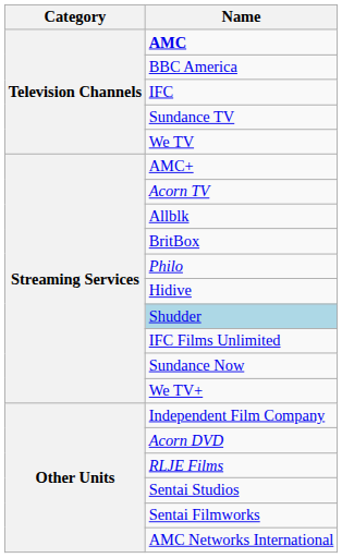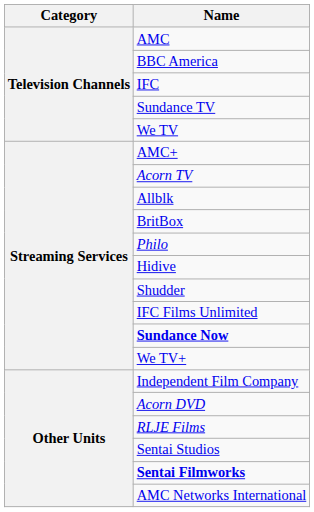 <table class="wikitable sortable">
 <tr>
 <th>Category</th>
 <th>Name</th>
 </tr>
 <tr>
 <th rowspan="5">Television Channels</th>
-<td><strong><a href='#'>AMC</a></strong></td>
+<td><a href='#'>AMC</a></td>
 </tr>
 <tr>
 <td><a href='#'>BBC America</a></td>
 </tr>
 <tr>
 <td><a href='#'>IFC</a></td>
 </tr>
 <tr>
 <td><a href='#'>Sundance TV</a></td>
 </tr>
 <tr>
 <td><a href='#'>We TV</a></td>
 </tr>
 <tr>
 <th rowspan="10">Streaming Services</th>
 <td><a href='#'>AMC+</a></td>
 </tr>
 <tr>
 <td><em><a href='#'>Acorn TV</a></em></td>
 </tr>
 <tr>
 <td><a href='#'>Allblk</a></td>
 </tr>
 <tr>
 <td><a href='#'>BritBox</a></td>
 </tr>
 <tr>
 <td><a href='#'><em>Philo</em></a></td>
 </tr>
 <tr>
 <td><a href='#'>Hidive</a></td>
 </tr>
 <tr>
-<td style="background: lightblue;"><a href='#'>Shudder</a></td>
+<td><a href='#'>Shudder</a></td>
 </tr>
 <tr>
 <td><a href='#'>IFC Films Unlimited</a></td>
 </tr>
 <tr>
-<td><a href='#'>Sundance Now</a></td>
+<td><strong><a href='#'>Sundance Now</a></strong></td>
 </tr>
 <tr>
 <td><a href='#'>We TV+</a></td>
 </tr>
 <tr>
 <th rowspan="6">Other Units</th>
 <td><a href='#'>Independent Film Company</a></td>
 </tr>
 <tr>
 <td><em><a href='#'>Acorn DVD</a></em></td>
 </tr>
 <tr>
 <td><em><a href='#'>RLJE Films</a></em></td>
 </tr>
 <tr>
 <td><a href='#'>Sentai Studios</a></td>
 </tr>
 <tr>
-<td><a href='#'>Sentai Filmworks</a></td>
+<td><strong><a href='#'>Sentai Filmworks</a></strong></td>
 </tr>
 <tr>
 <td><a href='#'>AMC Networks International</a></td>
 </tr>
 </table>
